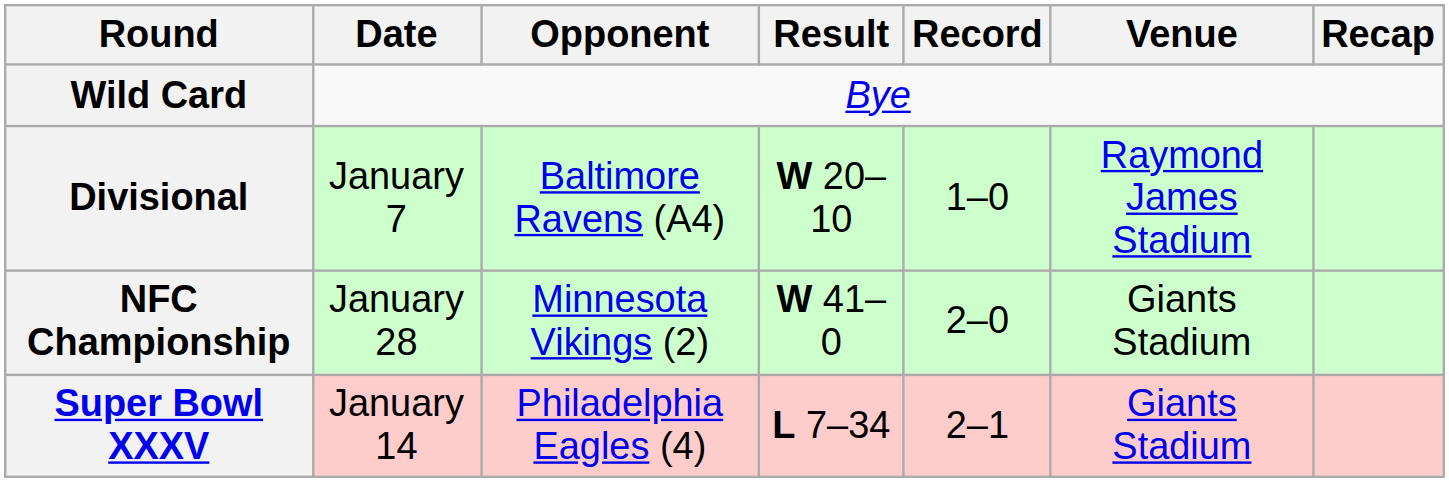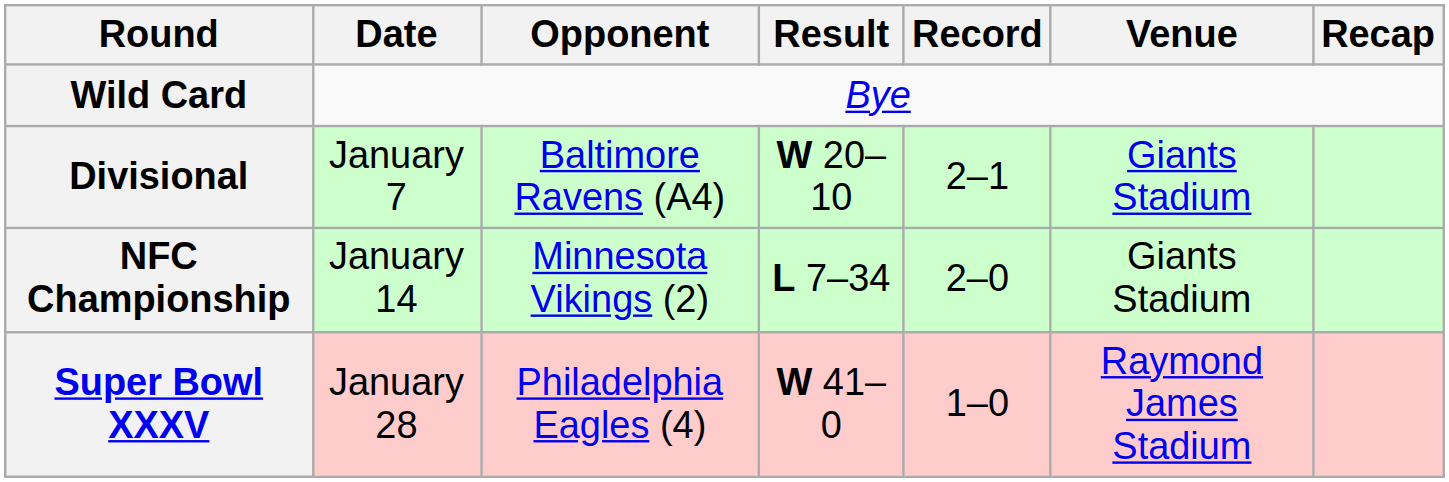 <table class="wikitable" style="text-align:center">
 <tr>
 <th>Round</th>
 <th>Date</th>
 <th>Opponent</th>
 <th>Result</th>
 <th>Record</th>
 <th>Venue</th>
 <th>Recap</th>
 </tr>
 <tr>
 <th>Wild Card</th>
 <td colspan=7 align=center><em><a href='#'>Bye</a></em></td>
 </tr>
 <tr style="background:#cfc">
 <th>Divisional</th>
 <td>January 7</td>
 <td><a href='#'>Baltimore Ravens</a> (A4)</td>
 <td><strong>W</strong> 20–10</td>
-<td>1–0</td>
-<td><a href='#'>Raymond James Stadium</a></td>
+<td>2–1</td>
+<td><a href='#'>Giants Stadium</a></td>
 <td></td>
 </tr>
 <tr style="background: #cfc;">
 <th>NFC Championship</th>
-<td>January 28</td>
+<td>January 14</td>
 <td><a href='#'>Minnesota Vikings</a> (2)</td>
-<td><strong>W</strong> 41–0</td>
+<td><strong>L</strong> 7–34</td>
 <td>2–0</td>
 <td>Giants Stadium</td>
 <td></td>
 </tr>
 <tr style="background: #fcc;">
 <th><a href='#'>Super Bowl XXXV</a></th>
-<td>January 14</td>
+<td>January 28</td>
 <td><a href='#'>Philadelphia Eagles</a> (4)</td>
-<td><strong>L</strong> 7–34</td>
-<td>2–1</td>
-<td><a href='#'>Giants Stadium</a></td>
+<td><strong>W</strong> 41–0</td>
+<td>1–0</td>
+<td><a href='#'>Raymond James Stadium</a></td>
 <td></td>
 </tr>
 </table>
